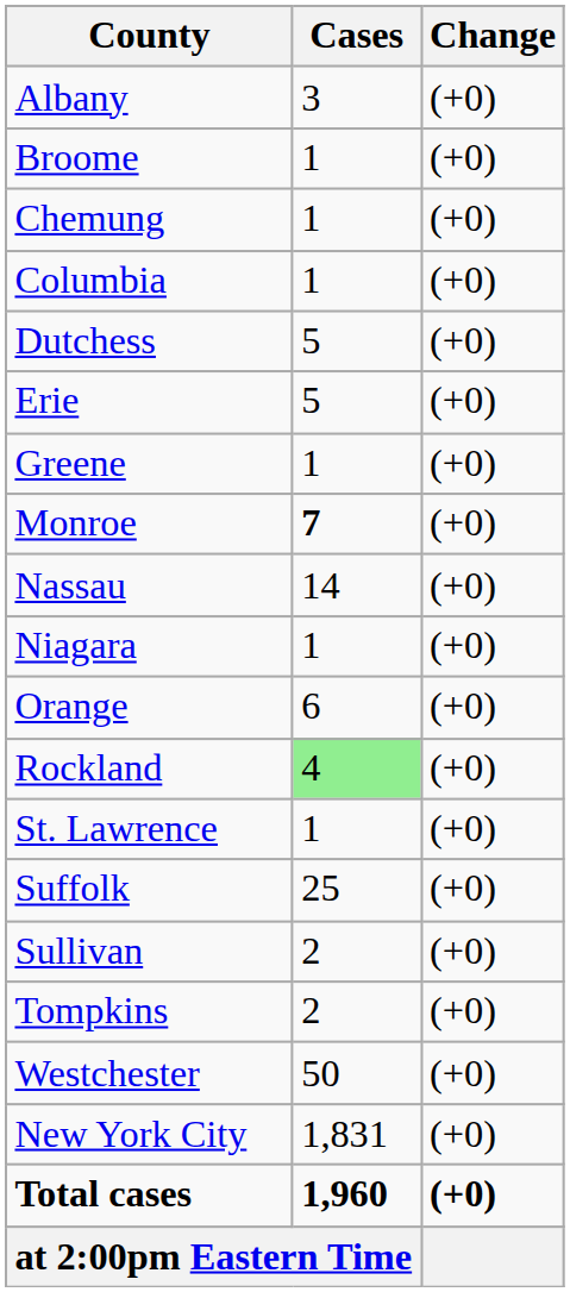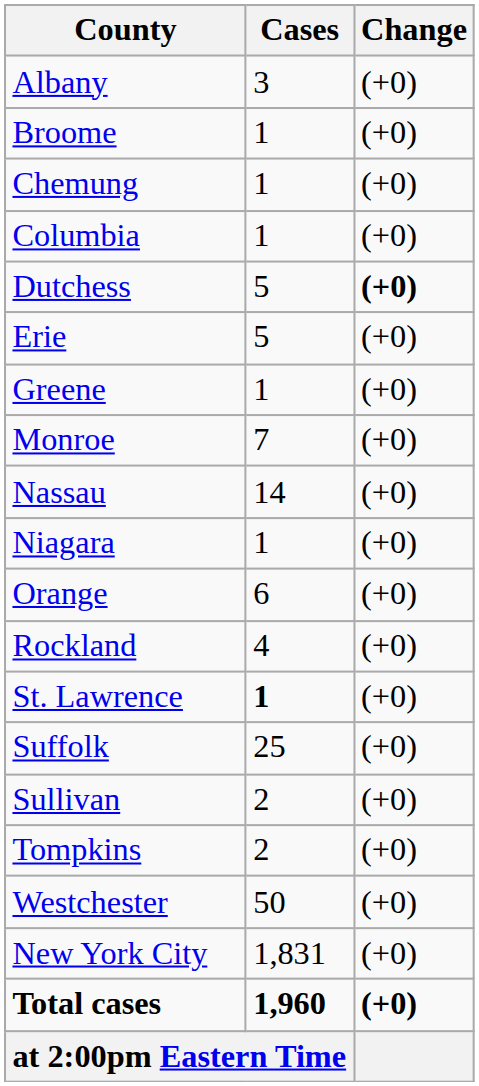 <table class="wikitable sortable mw-collapsible mw-collapsed">
 <tr>
 <th>County</th>
 <th>Cases</th>
 <th>Change</th>
 </tr>
 <tr>
 <td><a href='#'>Albany</a></td>
 <td>3</td>
 <td>(+0)</td>
 </tr>
 <tr>
 <td><a href='#'>Broome</a></td>
 <td>1</td>
 <td>(+0)</td>
 </tr>
 <tr>
 <td><a href='#'>Chemung</a></td>
 <td>1</td>
 <td>(+0)</td>
 </tr>
 <tr>
 <td><a href='#'>Columbia</a></td>
 <td>1</td>
 <td>(+0)</td>
 </tr>
 <tr>
 <td><a href='#'>Dutchess</a></td>
 <td>5</td>
-<td>(+0)</td>
+<td><strong>(+0)</strong></td>
 </tr>
 <tr>
 <td><a href='#'>Erie</a></td>
 <td>5</td>
 <td>(+0)</td>
 </tr>
 <tr>
 <td><a href='#'>Greene</a></td>
 <td>1</td>
 <td>(+0)</td>
 </tr>
 <tr>
 <td><a href='#'>Monroe</a></td>
-<td><strong>7</strong></td>
+<td>7</td>
 <td>(+0)</td>
 </tr>
 <tr>
 <td><a href='#'>Nassau</a></td>
 <td>14</td>
 <td>(+0)</td>
 </tr>
 <tr>
 <td><a href='#'>Niagara</a></td>
 <td>1</td>
 <td>(+0)</td>
 </tr>
 <tr>
 <td><a href='#'>Orange</a></td>
 <td>6</td>
 <td>(+0)</td>
 </tr>
 <tr>
 <td><a href='#'>Rockland</a></td>
-<td style="background: lightgreen;">4</td>
+<td>4</td>
 <td>(+0)</td>
 </tr>
 <tr>
 <td><a href='#'>St. Lawrence</a></td>
-<td>1</td>
+<td><strong>1</strong></td>
 <td>(+0)</td>
 </tr>
 <tr>
 <td><a href='#'>Suffolk</a></td>
 <td>25</td>
 <td>(+0)</td>
 </tr>
 <tr>
 <td><a href='#'>Sullivan</a></td>
 <td>2</td>
 <td>(+0)</td>
 </tr>
 <tr>
 <td><a href='#'>Tompkins</a></td>
 <td>2</td>
 <td>(+0)</td>
 </tr>
 <tr>
 <td><a href='#'>Westchester</a></td>
 <td>50</td>
 <td>(+0)</td>
 </tr>
 <tr>
 <td><a href='#'>New York City</a></td>
 <td>1,831</td>
 <td>(+0)</td>
 </tr>
 <tr>
 <td><strong>Total cases</strong></td>
 <td><strong>1,960</strong></td>
 <td><strong>(+0)</strong></td>
 </tr>
 <tr>
 <th colspan="2"> at 2:00pm <a href='#'>Eastern Time</a></th>
 <th></th>
 </tr>
 </table>
